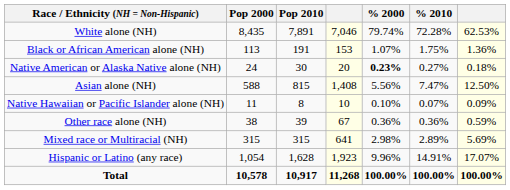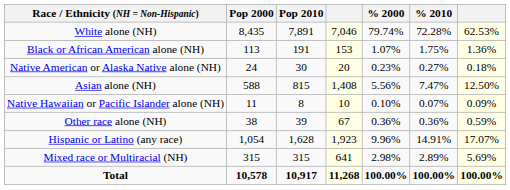 <table class="wikitable" style="text-align:center;">
 <tr>
 <th>Race / Ethnicity <small>(<em>NH = Non-Hispanic</em>)</small></th>
 <th>Pop 2000</th>
 <th>Pop 2010</th>
 <th></th>
 <th>% 2000</th>
 <th>% 2010</th>
 <th></th>
 </tr>
 <tr>
 <td><a href='#'>White</a> alone (NH)</td>
 <td>8,435</td>
 <td>7,891</td>
 <td style='background: #ffffe6;'>7,046</td>
 <td>79.74%</td>
 <td>72.28%</td>
 <td style='background: #ffffe6;'>62.53%</td>
 </tr>
 <tr>
 <td><a href='#'>Black or African American</a> alone (NH)</td>
 <td>113</td>
 <td>191</td>
 <td style='background: #ffffe6;'>153</td>
 <td>1.07%</td>
 <td>1.75%</td>
 <td style='background: #ffffe6;'>1.36%</td>
 </tr>
 <tr>
 <td><a href='#'>Native American</a> or <a href='#'>Alaska Native</a> alone (NH)</td>
 <td>24</td>
 <td>30</td>
 <td style='background: #ffffe6;'>20</td>
-<td><strong>0.23%</strong></td>
+<td>0.23%</td>
 <td>0.27%</td>
 <td style='background: #ffffe6;'>0.18%</td>
 </tr>
 <tr>
 <td><a href='#'>Asian</a> alone (NH)</td>
 <td>588</td>
 <td>815</td>
 <td style='background: #ffffe6;'>1,408</td>
 <td>5.56%</td>
 <td>7.47%</td>
 <td style='background: #ffffe6;'>12.50%</td>
 </tr>
 <tr>
 <td><a href='#'>Native Hawaiian</a> or <a href='#'>Pacific Islander</a> alone (NH)</td>
 <td>11</td>
 <td>8</td>
 <td style='background: #ffffe6;'>10</td>
 <td>0.10%</td>
 <td>0.07%</td>
 <td style='background: #ffffe6;'>0.09%</td>
 </tr>
 <tr>
 <td><a href='#'>Other race</a> alone (NH)</td>
 <td>38</td>
 <td>39</td>
 <td style='background: #ffffe6;'>67</td>
 <td>0.36%</td>
 <td>0.36%</td>
 <td style='background: #ffffe6;'>0.59%</td>
 </tr>
 <tr>
+<td><a href='#'>Hispanic or Latino</a> (any race)</td>
+<td>1,054</td>
+<td>1,628</td>
+<td style='background: #ffffe6;'>1,923</td>
+<td>9.96%</td>
+<td>14.91%</td>
+<td style='background: #ffffe6;'>17.07%</td>
+</tr>
+<tr>
 <td><a href='#'>Mixed race or Multiracial</a> (NH)</td>
 <td>315</td>
 <td>315</td>
 <td style='background: #ffffe6;'>641</td>
 <td>2.98%</td>
 <td>2.89%</td>
 <td style='background: #ffffe6;'>5.69%</td>
-</tr>
-<tr>
-<td><a href='#'>Hispanic or Latino</a> (any race)</td>
-<td>1,054</td>
-<td>1,628</td>
-<td style='background: #ffffe6;'>1,923</td>
-<td>9.96%</td>
-<td>14.91%</td>
-<td style='background: #ffffe6;'>17.07%</td>
 </tr>
 <tr>
 <td><strong>Total</strong></td>
 <td><strong>10,578</strong></td>
 <td><strong>10,917</strong></td>
 <td style='background: #ffffe6;'><strong>11,268</strong></td>
 <td><strong>100.00%</strong></td>
 <td><strong>100.00%</strong></td>
 <td style='background: #ffffe6;'><strong>100.00%</strong></td>
 </tr>
 </table>
